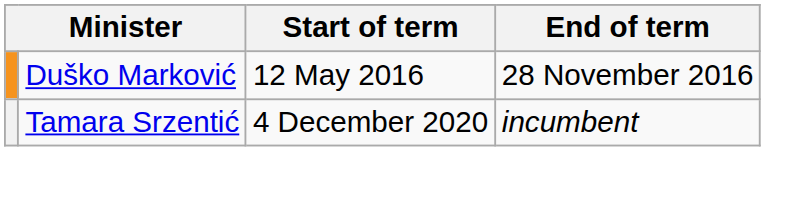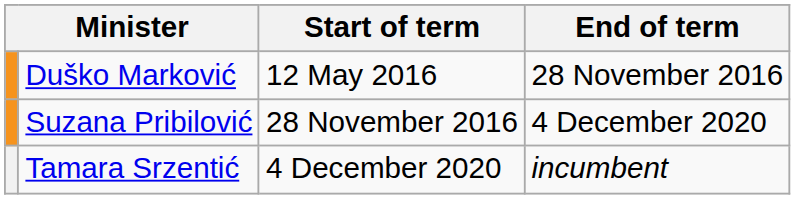 <table class="wikitable">
 <tr>
 <th colspan=2>Minister</th>
 <th>Start of term</th>
 <th>End of term</th>
 </tr>
 <tr>
 <th style="background:#F6931D;"></th>
 <td><a href='#'>Duško Marković</a></td>
 <td>12 May 2016</td>
 <td>28 November 2016</td>
 </tr>
 <tr>
+<th style="background:#F6931D;"></th>
+<td><a href='#'>Suzana Pribilović</a></td>
+<td>28 November 2016</td>
+<td>4 December 2020</td>
+</tr>
+<tr>
 <th style="background:"></th>
 <td><a href='#'>Tamara Srzentić</a></td>
 <td>4 December 2020</td>
 <td><em>incumbent</em></td>
 </tr>
 </table>
